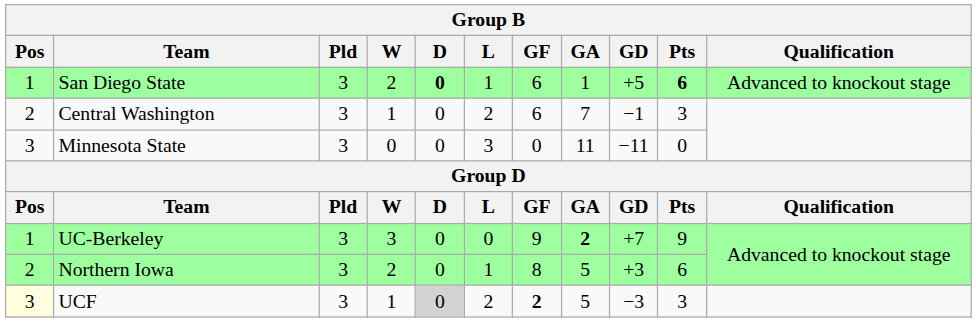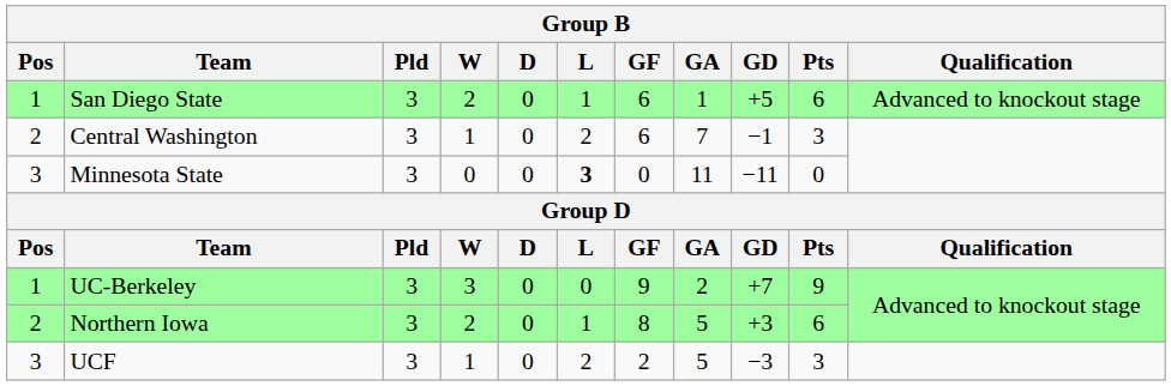 <table class="wikitable" style="text-align:center; margin: 1em auto">
 <tr>
 <th colspan="11">Group B</th>
 </tr>
 <tr>
 <th style="width:2em">Pos</th>
 <th style="width:13em">Team</th>
 <th style="width:2em">Pld</th>
 <th style="width:2em">W</th>
 <th style="width:2em">D</th>
 <th style="width:2em">L</th>
 <th style="width:2em">GF</th>
 <th style="width:2em">GA</th>
 <th style="width:2em">GD</th>
 <th style="width:2em">Pts</th>
 <th style="width:13em">Qualification</th>
 </tr>
 <tr bgcolor="#9eff9e">
 <td>1</td>
 <td style="text-align:left">San Diego State</td>
 <td>3</td>
 <td>2</td>
-<td><strong>0</strong></td>
+<td>0</td>
 <td>1</td>
 <td>6</td>
 <td>1</td>
 <td>+5</td>
-<td><strong>6</strong></td>
+<td>6</td>
 <td>Advanced to knockout stage</td>
 </tr>
 <tr>
 <td>2</td>
 <td style="text-align:left">Central Washington</td>
 <td>3</td>
 <td>1</td>
 <td>0</td>
 <td>2</td>
 <td>6</td>
 <td>7</td>
 <td>−1</td>
 <td>3</td>
 <td rowspan="2"></td>
 </tr>
 <tr>
 <td>3</td>
 <td style="text-align:left">Minnesota State</td>
 <td>3</td>
 <td>0</td>
 <td>0</td>
-<td>3</td>
+<td><strong>3</strong></td>
 <td>0</td>
 <td>11</td>
 <td>−11</td>
 <td>0</td>
 </tr>
 <tr>
 <th colspan="11">Group D</th>
 </tr>
 <tr>
 <th>Pos</th>
 <th>Team</th>
 <th>Pld</th>
 <th>W</th>
 <th>D</th>
 <th>L</th>
 <th>GF</th>
 <th>GA</th>
 <th>GD</th>
 <th>Pts</th>
 <th>Qualification</th>
 </tr>
 <tr bgcolor="#9eff9e">
 <td>1</td>
 <td style="text-align:left">UC-Berkeley</td>
 <td>3</td>
 <td>3</td>
 <td>0</td>
 <td>0</td>
 <td>9</td>
-<td><strong>2</strong></td>
+<td>2</td>
 <td>+7</td>
 <td>9</td>
 <td rowspan="2">Advanced to knockout stage</td>
 </tr>
 <tr bgcolor="#9eff9e">
 <td>2</td>
 <td style="text-align:left">Northern Iowa</td>
 <td>3</td>
 <td>2</td>
 <td>0</td>
 <td>1</td>
 <td>8</td>
 <td>5</td>
 <td>+3</td>
 <td>6</td>
 </tr>
 <tr>
-<td style="background: lightyellow;">3</td>
+<td>3</td>
 <td style="text-align:left">UCF</td>
 <td>3</td>
 <td>1</td>
-<td style="background: lightgrey;">0</td>
+<td>0</td>
 <td>2</td>
-<td><strong>2</strong></td>
+<td>2</td>
 <td>5</td>
 <td>−3</td>
 <td>3</td>
 <td></td>
 </tr>
 </table>
